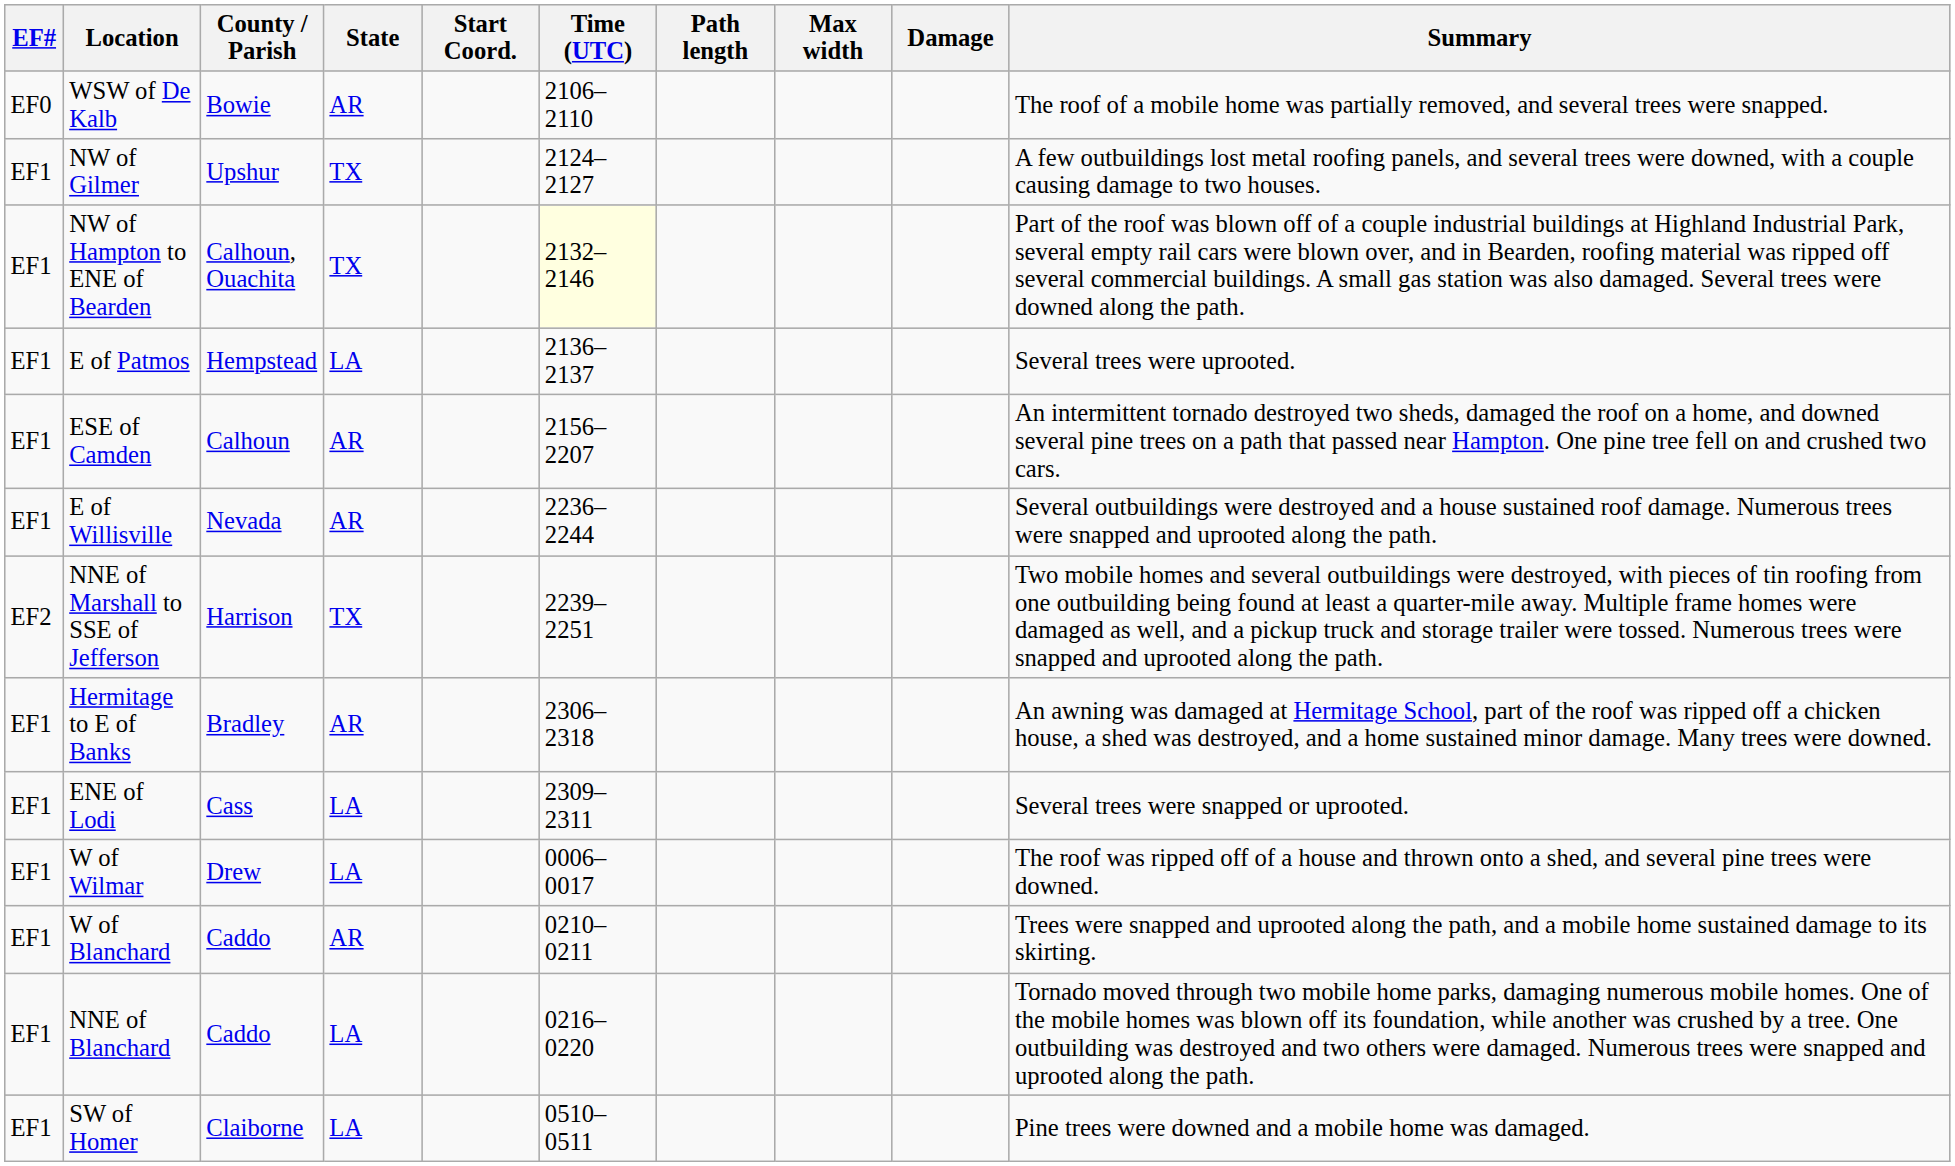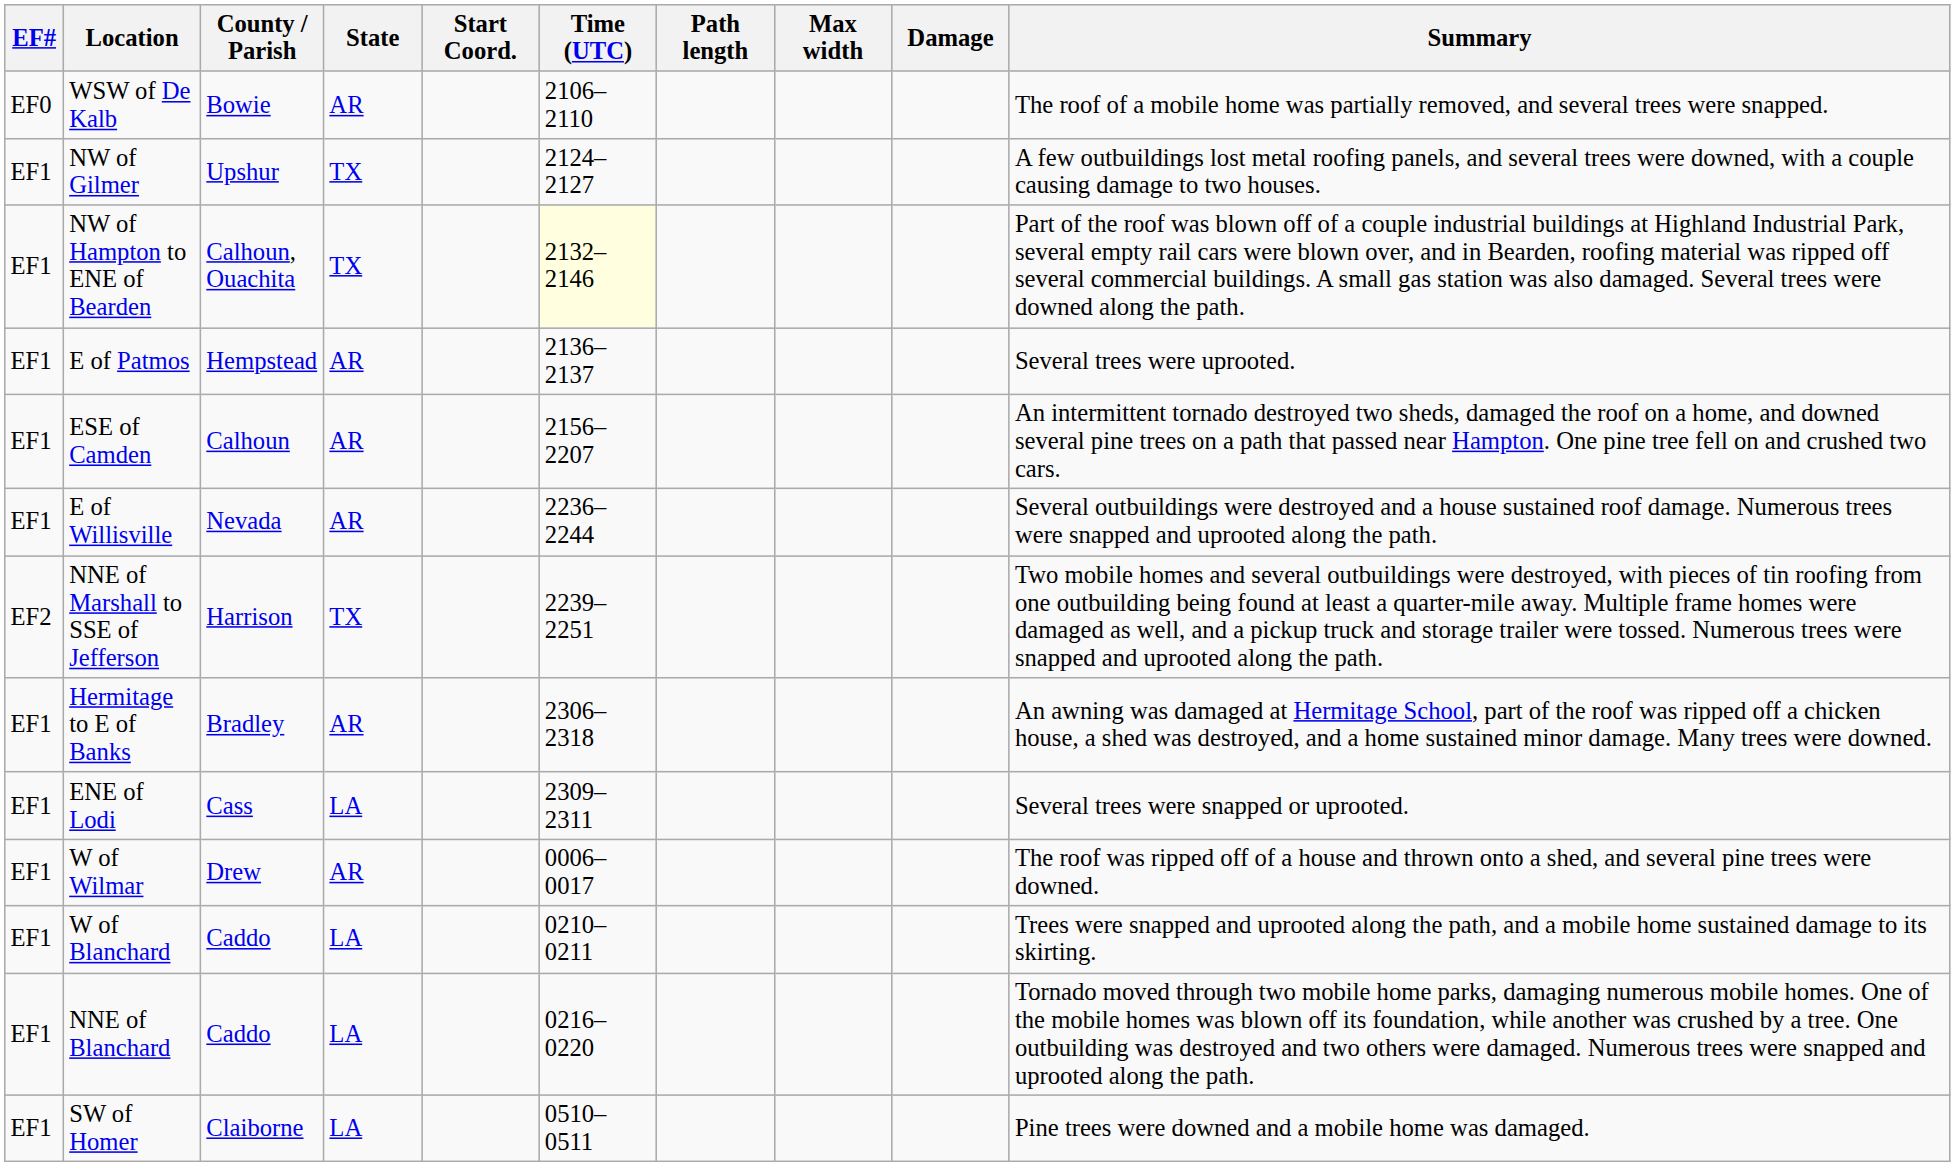 <table class="wikitable sortable" style="width:100%;">
 <tr>
 <th scope="col"  style="width:3%; text-align:center;"><a href='#'>EF#</a></th>
 <th scope="col"  style="width:7%; text-align:center;" class="unsortable">Location</th>
 <th scope="col"  style="width:6%; text-align:center;" class="unsortable">County / Parish</th>
 <th scope="col"  style="width:5%; text-align:center;">State</th>
 <th scope="col"  style="width:6%; text-align:center;">Start Coord.</th>
 <th scope="col"  style="width:6%; text-align:center;">Time (<a href='#'>UTC</a>)</th>
 <th scope="col"  style="width:6%; text-align:center;">Path length</th>
 <th scope="col"  style="width:6%; text-align:center;">Max width</th>
 <th scope="col"  style="width:6%; text-align:center;">Damage<br></th>
 <th scope="col" class="unsortable" style="width:48%; text-align:center;">Summary</th>
 </tr>
 <tr>
 <td>EF0</td>
 <td>WSW of <a href='#'>De Kalb</a></td>
 <td><a href='#'>Bowie</a></td>
 <td><a href='#'>AR</a></td>
 <td></td>
 <td>2106–2110</td>
 <td></td>
 <td></td>
 <td></td>
 <td>The roof of a mobile home was partially removed, and several trees were snapped.</td>
 </tr>
 <tr>
 <td>EF1</td>
 <td>NW of <a href='#'>Gilmer</a></td>
 <td><a href='#'>Upshur</a></td>
 <td><a href='#'>TX</a></td>
 <td></td>
 <td>2124–2127</td>
 <td></td>
 <td></td>
 <td></td>
 <td>A few outbuildings lost metal roofing panels, and several trees were downed, with a couple causing damage to two houses.</td>
 </tr>
 <tr>
 <td>EF1</td>
 <td>NW of <a href='#'>Hampton</a> to ENE of <a href='#'>Bearden</a></td>
 <td><a href='#'>Calhoun</a>, <a href='#'>Ouachita</a></td>
 <td><a href='#'>TX</a></td>
 <td></td>
 <td style="background: lightyellow;">2132–2146</td>
 <td></td>
 <td></td>
 <td></td>
 <td>Part of the roof was blown off of a couple industrial buildings at Highland Industrial Park, several empty rail cars were blown over, and in Bearden, roofing material was ripped off several commercial buildings. A small gas station was also damaged. Several trees were downed along the path.</td>
 </tr>
 <tr>
 <td>EF1</td>
 <td>E of <a href='#'>Patmos</a></td>
 <td><a href='#'>Hempstead</a></td>
-<td><a href='#'>LA</a></td>
+<td><a href='#'>AR</a></td>
 <td></td>
 <td>2136–2137</td>
 <td></td>
 <td></td>
 <td></td>
 <td>Several trees were uprooted.</td>
 </tr>
 <tr>
 <td>EF1</td>
 <td>ESE of <a href='#'>Camden</a></td>
 <td><a href='#'>Calhoun</a></td>
 <td><a href='#'>AR</a></td>
 <td></td>
 <td>2156–2207</td>
 <td></td>
 <td></td>
 <td></td>
 <td>An intermittent tornado destroyed two sheds, damaged the roof on a home, and downed several pine trees on a path that passed near <a href='#'>Hampton</a>. One pine tree fell on and crushed two cars.</td>
 </tr>
 <tr>
 <td>EF1</td>
 <td>E of <a href='#'>Willisville</a></td>
 <td><a href='#'>Nevada</a></td>
 <td><a href='#'>AR</a></td>
 <td></td>
 <td>2236–2244</td>
 <td></td>
 <td></td>
 <td></td>
 <td>Several outbuildings were destroyed and a house sustained roof damage. Numerous trees were snapped and uprooted along the path.</td>
 </tr>
 <tr>
 <td>EF2</td>
 <td>NNE of <a href='#'>Marshall</a> to SSE of <a href='#'>Jefferson</a></td>
 <td><a href='#'>Harrison</a></td>
 <td><a href='#'>TX</a></td>
 <td></td>
 <td>2239–2251</td>
 <td></td>
 <td></td>
 <td></td>
 <td>Two mobile homes and several outbuildings were destroyed, with pieces of tin roofing from one outbuilding being found at least a quarter-mile away. Multiple frame homes were damaged as well, and a pickup truck and storage trailer were tossed. Numerous trees were snapped and uprooted along the path.</td>
 </tr>
 <tr>
 <td>EF1</td>
 <td><a href='#'>Hermitage</a> to E of <a href='#'>Banks</a></td>
 <td><a href='#'>Bradley</a></td>
 <td><a href='#'>AR</a></td>
 <td></td>
 <td>2306–2318</td>
 <td></td>
 <td></td>
 <td></td>
 <td>An awning was damaged at <a href='#'>Hermitage School</a>, part of the roof was ripped off a chicken house, a shed was destroyed, and a home sustained minor damage. Many trees were downed.</td>
 </tr>
 <tr>
 <td>EF1</td>
 <td>ENE of <a href='#'>Lodi</a></td>
 <td><a href='#'>Cass</a></td>
 <td><a href='#'>LA</a></td>
 <td></td>
 <td>2309–2311</td>
 <td></td>
 <td></td>
 <td></td>
 <td>Several trees were snapped or uprooted.</td>
 </tr>
 <tr>
 <td>EF1</td>
 <td>W of <a href='#'>Wilmar</a></td>
 <td><a href='#'>Drew</a></td>
-<td><a href='#'>LA</a></td>
+<td><a href='#'>AR</a></td>
 <td></td>
 <td>0006–0017</td>
 <td></td>
 <td></td>
 <td></td>
 <td>The roof was ripped off of a house and thrown onto a shed, and several pine trees were downed.</td>
 </tr>
 <tr>
 <td>EF1</td>
 <td>W of <a href='#'>Blanchard</a></td>
 <td><a href='#'>Caddo</a></td>
-<td><a href='#'>AR</a></td>
+<td><a href='#'>LA</a></td>
 <td></td>
 <td>0210–0211</td>
 <td></td>
 <td></td>
 <td></td>
 <td>Trees were snapped and uprooted along the path, and a mobile home sustained damage to its skirting.</td>
 </tr>
 <tr>
 <td>EF1</td>
 <td>NNE of <a href='#'>Blanchard</a></td>
 <td><a href='#'>Caddo</a></td>
 <td><a href='#'>LA</a></td>
 <td></td>
 <td>0216–0220</td>
 <td></td>
 <td></td>
 <td></td>
 <td>Tornado moved through two mobile home parks, damaging numerous mobile homes. One of the mobile homes was blown off its foundation, while another was crushed by a tree. One outbuilding was destroyed and two others were damaged. Numerous trees were snapped and uprooted along the path.</td>
 </tr>
 <tr>
 <td>EF1</td>
 <td>SW of <a href='#'>Homer</a></td>
 <td><a href='#'>Claiborne</a></td>
 <td><a href='#'>LA</a></td>
 <td></td>
 <td>0510–0511</td>
 <td></td>
 <td></td>
 <td></td>
 <td>Pine trees were downed and a mobile home was damaged.</td>
 </tr>
 </table>
